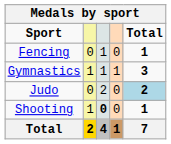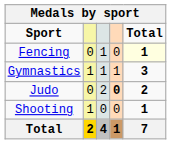 <table class="wikitable" style="font-size:85%; float:right">
 <tr style="background:#efefef;">
 <th colspan=7>Medals by sport</th>
 </tr>
 <tr align=center>
 <td><strong>Sport</strong></td>
 <td bgcolor=#F7F6A8></td>
 <td bgcolor=#DCE5E5></td>
 <td bgcolor=#FFDAB9></td>
 <td><strong>Total</strong></td>
 </tr>
 <tr align=center>
 <td><a href='#'>Fencing</a></td>
 <td style="background:#F7F6A8;">0</td>
 <td style="background:#DCE5E5;">1</td>
 <td style="background:#FFDAB9;">0</td>
-<td><strong>1</strong></td>
+<td style="background: lightyellow;"><strong>1</strong></td>
 </tr>
 <tr align=center>
 <td><a href='#'>Gymnastics</a></td>
 <td style="background:#F7F6A8;">1</td>
 <td style="background:#DCE5E5;">1</td>
 <td style="background:#FFDAB9;">1</td>
 <td><strong>3</strong></td>
 </tr>
 <tr align=center>
 <td><a href='#'>Judo</a></td>
 <td style="background:#F7F6A8;">0</td>
 <td style="background:#DCE5E5;">2</td>
-<td style="background:#FFDAB9;">0</td>
-<td style="background: lightblue;"><strong>2</strong></td>
+<td style="background:#FFDAB9;"><strong>0</strong></td>
+<td><strong>2</strong></td>
 </tr>
 <tr align=center>
 <td><a href='#'>Shooting</a></td>
 <td style="background:#F7F6A8;">1</td>
-<td style="background:#DCE5E5;"><strong>0</strong></td>
+<td style="background:#DCE5E5;">0</td>
 <td style="background:#FFDAB9;">0</td>
 <td><strong>1</strong></td>
 </tr>
 <tr align=center>
 <th>Total</th>
 <th style="background:gold;">2</th>
 <th style="background:silver;">4</th>
 <th style="background:#c96;">1</th>
 <th>7</th>
 </tr>
 </table>
